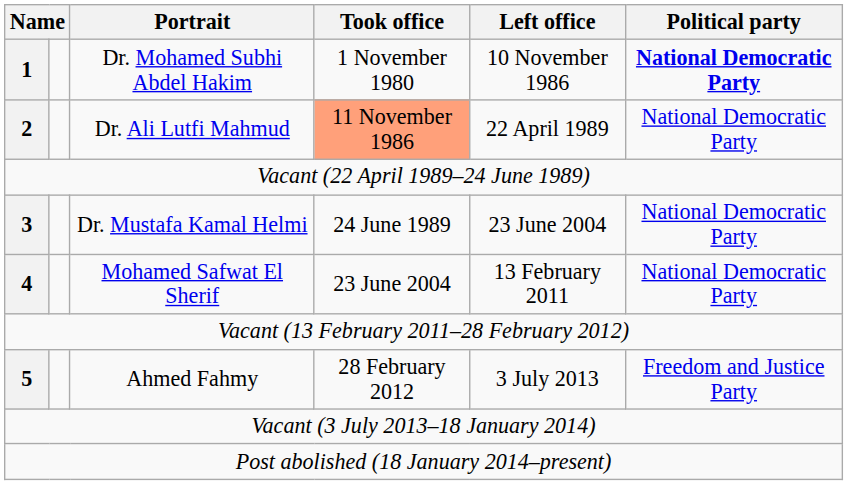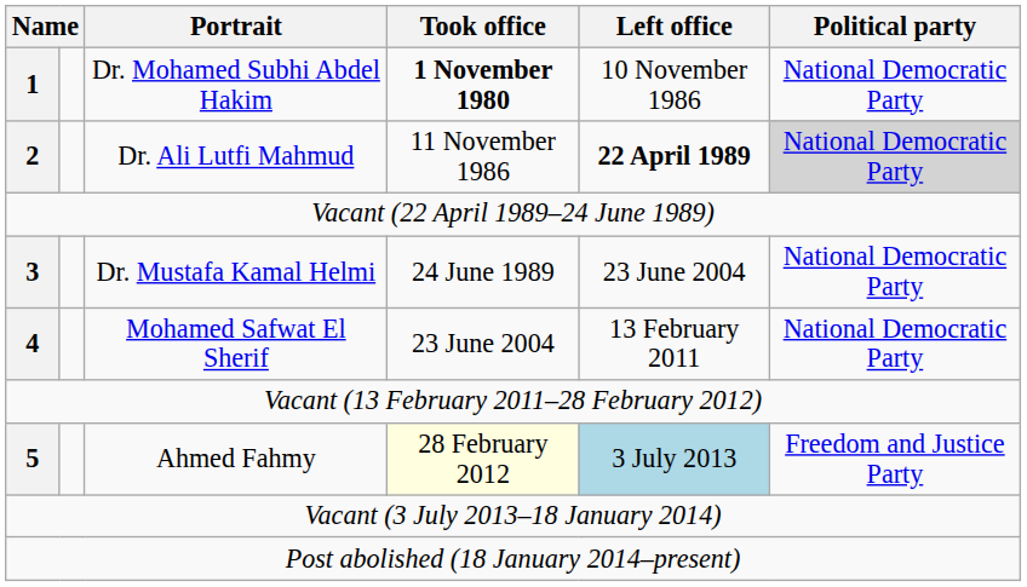 <table class="wikitable" style="text-align:center">
 <tr>
 <th colspan=2>Name</th>
 <th>Portrait</th>
 <th>Took office</th>
 <th>Left office</th>
 <th>Political party</th>
 </tr>
 <tr>
 <th style="background:">1</th>
 <td></td>
 <td>Dr. <a href='#'>Mohamed Subhi Abdel Hakim</a></td>
-<td>1 November 1980</td>
+<td><strong>1 November 1980</strong></td>
 <td>10 November 1986</td>
-<td><strong><a href='#'>National Democratic Party</a></strong></td>
+<td><a href='#'>National Democratic Party</a></td>
 </tr>
 <tr>
 <th style="background:">2</th>
 <td></td>
 <td>Dr. <a href='#'>Ali Lutfi Mahmud</a></td>
-<td style="background: lightsalmon;">11 November 1986</td>
-<td>22 April 1989</td>
-<td><a href='#'>National Democratic Party</a></td>
+<td>11 November 1986</td>
+<td><strong>22 April 1989</strong></td>
+<td style="background: lightgrey;"><a href='#'>National Democratic Party</a></td>
 </tr>
 <tr>
 <td align="center" colspan=6><em>Vacant (22 April 1989–24 June 1989)</em></td>
 </tr>
 <tr>
 <th style="background:">3</th>
 <td></td>
 <td>Dr. <a href='#'>Mustafa Kamal Helmi</a></td>
 <td>24 June 1989</td>
 <td>23 June 2004</td>
 <td><a href='#'>National Democratic Party</a></td>
 </tr>
 <tr>
 <th style="background:">4</th>
 <td></td>
 <td><a href='#'>Mohamed Safwat El Sherif</a></td>
 <td>23 June 2004</td>
 <td>13 February 2011 <br></td>
 <td><a href='#'>National Democratic Party</a></td>
 </tr>
 <tr>
 <td align="center" colspan=6><em>Vacant (13 February 2011–28 February 2012)</em></td>
 </tr>
 <tr>
 <th style="background:">5</th>
 <td></td>
 <td>Ahmed Fahmy</td>
-<td>28 February 2012</td>
-<td>3 July 2013 <br></td>
+<td style="background: lightyellow;">28 February 2012</td>
+<td style="background: lightblue;">3 July 2013 <br></td>
 <td><a href='#'>Freedom and Justice Party</a></td>
 </tr>
 <tr>
 <td align="center" colspan=6><em>Vacant (3 July 2013–18 January 2014)</em></td>
 </tr>
 <tr>
 <td align="center" colspan=6><em>Post abolished (18 January 2014–present)</em></td>
 </tr>
 </table>
